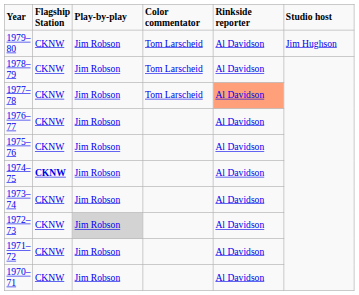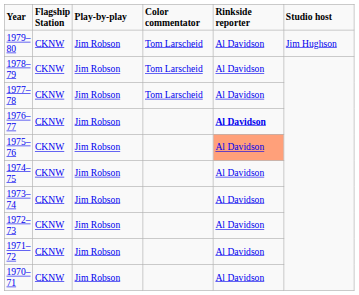 <table class="wikitable">
 <tr>
 <td style="width:40px;"><strong>Year</strong></td>
 <td style="width:40px;"><strong>Flagship Station</strong></td>
 <td style="width:110px;"><strong>Play-by-play</strong></td>
 <td style="width:110px;"><strong>Color commentator</strong></td>
 <td style="width:110px;"><strong>Rinkside reporter</strong></td>
 <td style="width:110px;"><strong>Studio host</strong></td>
 </tr>
 <tr>
 <td><a href='#'>1979–80</a></td>
 <td><a href='#'>CKNW</a></td>
 <td><a href='#'>Jim Robson</a></td>
 <td><a href='#'>Tom Larscheid</a></td>
 <td><a href='#'>Al Davidson</a></td>
 <td><a href='#'>Jim Hughson</a></td>
 </tr>
 <tr>
 <td><a href='#'>1978–79</a></td>
 <td><a href='#'>CKNW</a></td>
 <td><a href='#'>Jim Robson</a></td>
 <td><a href='#'>Tom Larscheid</a></td>
 <td><a href='#'>Al Davidson</a></td>
 </tr>
 <tr>
 <td><a href='#'>1977–78</a></td>
 <td><a href='#'>CKNW</a></td>
 <td><a href='#'>Jim Robson</a></td>
 <td><a href='#'>Tom Larscheid</a></td>
-<td style="background: lightsalmon;"><a href='#'>Al Davidson</a></td>
+<td><a href='#'>Al Davidson</a></td>
 </tr>
 <tr>
 <td><a href='#'>1976–77</a></td>
 <td><a href='#'>CKNW</a></td>
 <td><a href='#'>Jim Robson</a></td>
 <td></td>
-<td><a href='#'>Al Davidson</a></td>
+<td><strong><a href='#'>Al Davidson</a></strong></td>
 </tr>
 <tr>
 <td><a href='#'>1975–76</a></td>
 <td><a href='#'>CKNW</a></td>
 <td><a href='#'>Jim Robson</a></td>
 <td></td>
-<td><a href='#'>Al Davidson</a></td>
+<td style="background: lightsalmon;"><a href='#'>Al Davidson</a></td>
 </tr>
 <tr>
 <td><a href='#'>1974–75</a></td>
-<td><strong><a href='#'>CKNW</a></strong></td>
+<td><a href='#'>CKNW</a></td>
 <td><a href='#'>Jim Robson</a></td>
 <td></td>
 <td><a href='#'>Al Davidson</a></td>
 </tr>
 <tr>
 <td><a href='#'>1973–74</a></td>
 <td><a href='#'>CKNW</a></td>
 <td><a href='#'>Jim Robson</a></td>
 <td></td>
 <td><a href='#'>Al Davidson</a></td>
 </tr>
 <tr>
 <td><a href='#'>1972–73</a></td>
 <td><a href='#'>CKNW</a></td>
-<td style="background: lightgrey;"><a href='#'>Jim Robson</a></td>
+<td><a href='#'>Jim Robson</a></td>
 <td></td>
 <td><a href='#'>Al Davidson</a></td>
 </tr>
 <tr>
 <td><a href='#'>1971–72</a></td>
 <td><a href='#'>CKNW</a></td>
 <td><a href='#'>Jim Robson</a></td>
 <td></td>
 <td><a href='#'>Al Davidson</a></td>
 </tr>
 <tr>
 <td><a href='#'>1970–71</a></td>
 <td><a href='#'>CKNW</a></td>
 <td><a href='#'>Jim Robson</a></td>
 <td></td>
 <td><a href='#'>Al Davidson</a></td>
 </tr>
 </table>
